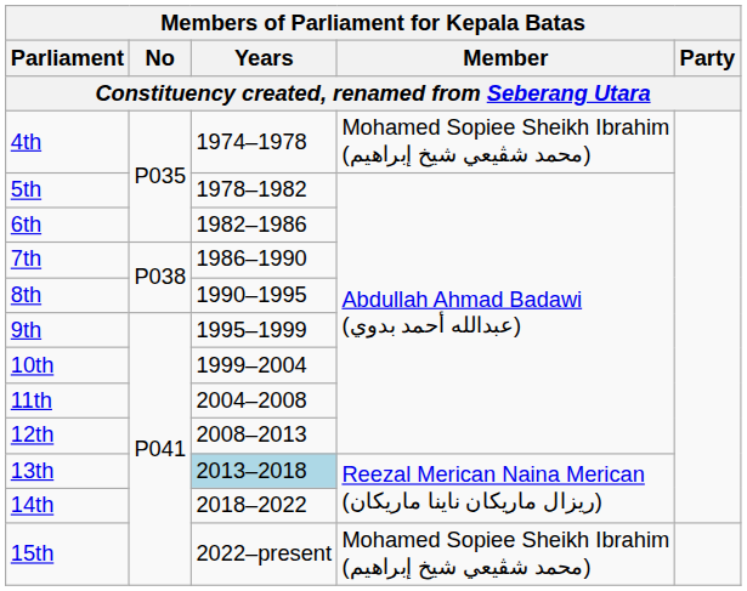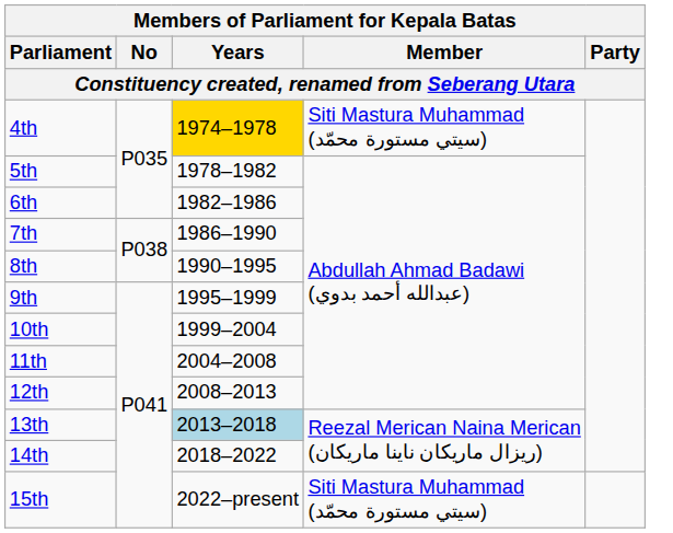 <table class=wikitable>
 <tr>
 <th colspan="5">Members of Parliament for Kepala Batas</th>
 </tr>
 <tr>
 <th>Parliament</th>
 <th>No</th>
 <th>Years</th>
 <th>Member</th>
 <th>Party</th>
 </tr>
 <tr>
 <th colspan="5" align="center"><em>Constituency created, renamed from <a href='#'>Seberang Utara</a></em></th>
 </tr>
 <tr>
 <td><a href='#'>4th</a></td>
 <td rowspan="3">P035</td>
-<td>1974–1978</td>
-<td>Mohamed Sopiee Sheikh Ibrahim <br>(محمد شڤيعي شيخ إبراهيم)</td>
+<td style="background: gold;">1974–1978</td>
+<td><a href='#'>Siti Mastura Muhammad</a><br>(سيتي مستورة محمّد)</td>
 <td rowspan="11"></td>
 </tr>
 <tr>
 <td><a href='#'>5th</a></td>
 <td>1978–1982</td>
 <td rowspan=8><a href='#'>Abdullah Ahmad Badawi</a> <br>(عبدالله أحمد بدوي)</td>
 </tr>
 <tr>
 <td><a href='#'>6th</a></td>
 <td>1982–1986</td>
 </tr>
 <tr>
 <td><a href='#'>7th</a></td>
 <td rowspan="2">P038</td>
 <td>1986–1990</td>
 </tr>
 <tr>
 <td><a href='#'>8th</a></td>
 <td>1990–1995</td>
 </tr>
 <tr>
 <td><a href='#'>9th</a></td>
 <td rowspan="7">P041</td>
 <td>1995–1999</td>
 </tr>
 <tr>
 <td><a href='#'>10th</a></td>
 <td>1999–2004</td>
 </tr>
 <tr>
 <td><a href='#'>11th</a></td>
 <td>2004–2008</td>
 </tr>
 <tr>
 <td><a href='#'>12th</a></td>
 <td>2008–2013</td>
 </tr>
 <tr>
 <td><a href='#'>13th</a></td>
 <td style="background: lightblue;">2013–2018</td>
 <td rowspan="2"><a href='#'>Reezal Merican Naina Merican</a>  <br>(ريزال ماريکان ناينا ماريکان)</td>
 </tr>
 <tr>
 <td><a href='#'>14th</a></td>
 <td>2018–2022</td>
 </tr>
 <tr>
 <td><a href='#'>15th</a></td>
 <td>2022–present</td>
-<td>Mohamed Sopiee Sheikh Ibrahim <br>(محمد شڤيعي شيخ إبراهيم)</td>
+<td><a href='#'>Siti Mastura Muhammad</a><br>(سيتي مستورة محمّد)</td>
 <td></td>
 </tr>
 </table>
